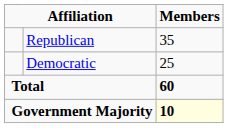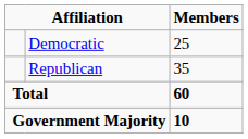 <table class="wikitable">
 <tr>
 <td colspan="2" rowspan="1" align="center" valign="top"><strong>Affiliation</strong></td>
 <td style="vertical-align:top;"><strong>Members</strong></td>
 </tr>
 <tr>
 <td style="background-color:"> </td>
-<td><a href='#'>Republican</a></td>
-<td>35</td>
+<td><a href='#'>Democratic</a></td>
+<td>25</td>
 </tr>
 <tr>
 <td style="background-color:"> </td>
-<td><a href='#'>Democratic</a></td>
-<td>25</td>
+<td><a href='#'>Republican</a></td>
+<td>35</td>
 </tr>
 <tr>
 <td colspan="2" rowspan="1"> <strong>Total</strong></td>
 <td><strong>60</strong></td>
 </tr>
 <tr>
 <td colspan="2" rowspan="1"> <strong>Government Majority</strong></td>
-<td style="background: lightyellow;"><strong>10</strong></td>
+<td><strong>10</strong></td>
 </tr>
 </table>
